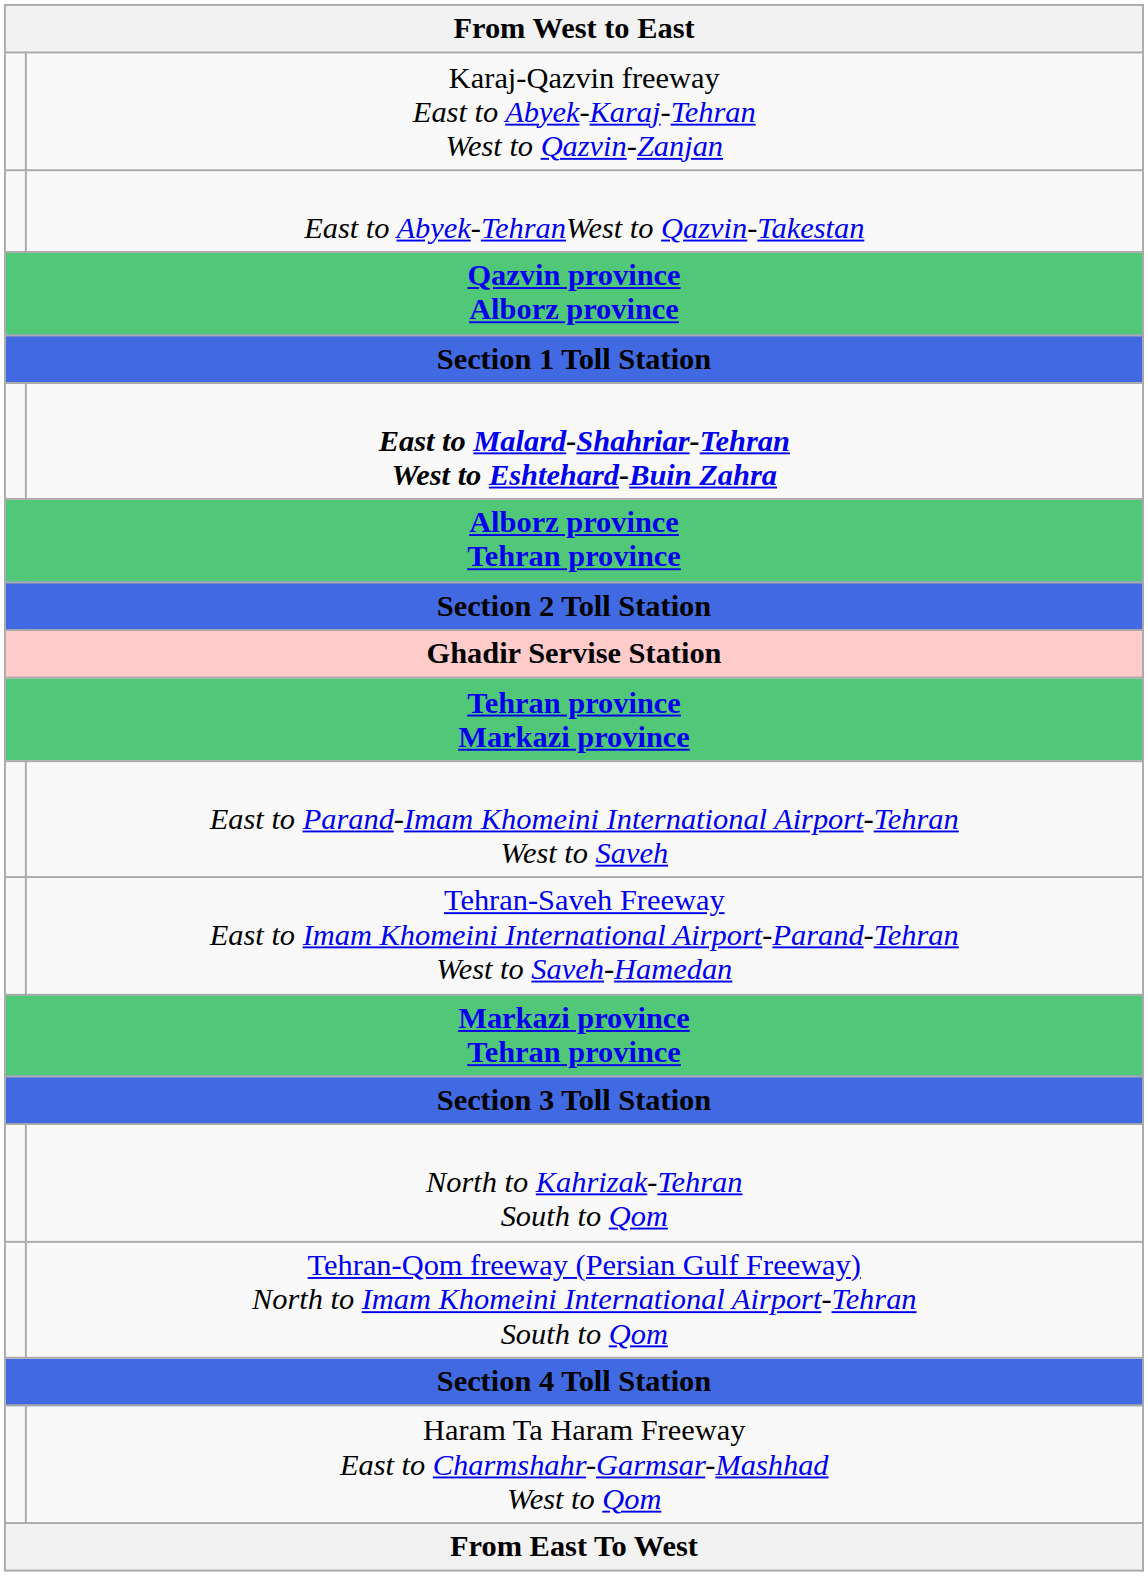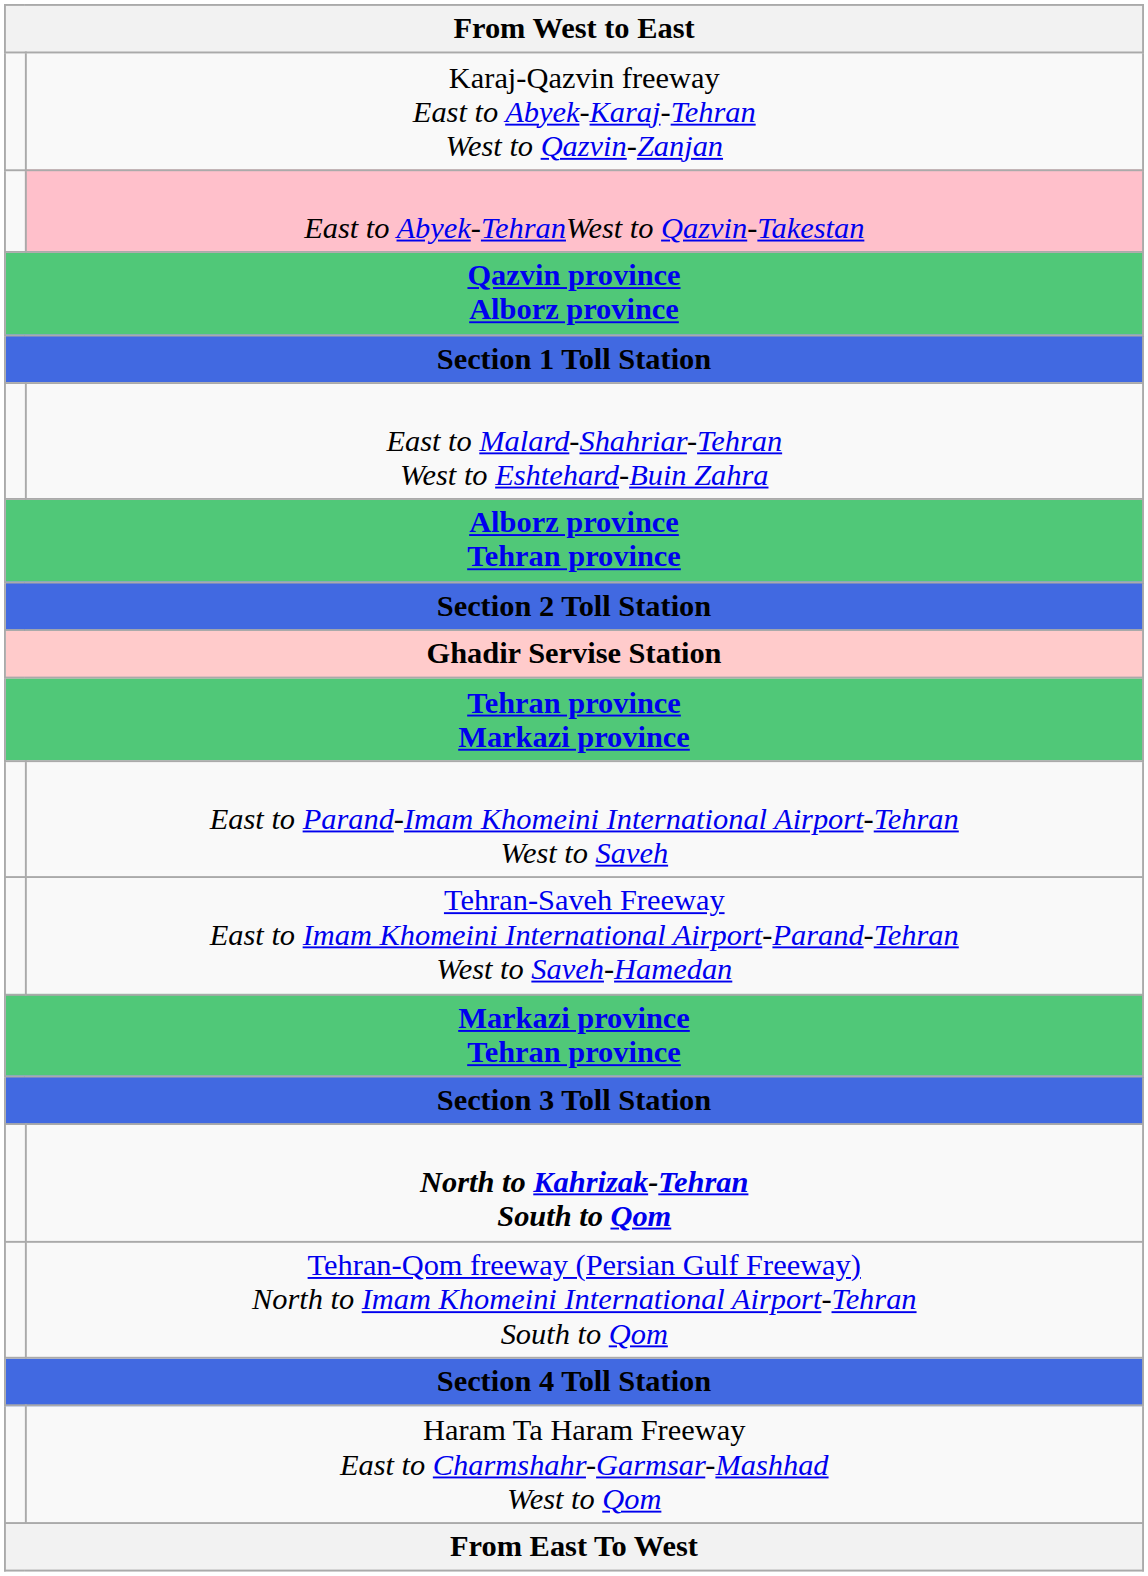 <table class="wikitable" style="text-align:center" width="600px">
 <tr>
 <th text-align="center" colspan="3"> From West to East </th>
 </tr>
 <tr>
 <td><br></td>
 <td> Karaj-Qazvin freeway<br><em>East to <a href='#'>Abyek</a>-<a href='#'>Karaj</a>-<a href='#'>Tehran</a></em><br><em>West to <a href='#'>Qazvin</a>-<a href='#'>Zanjan</a></em></td>
 </tr>
 <tr>
 <td></td>
-<td><br><em>East to <a href='#'>Abyek</a>-<a href='#'>Tehran</a></em><em>West to <a href='#'>Qazvin</a>-<a href='#'>Takestan</a></em></td>
+<td style="background: pink;"><br><em>East to <a href='#'>Abyek</a>-<a href='#'>Tehran</a></em><em>West to <a href='#'>Qazvin</a>-<a href='#'>Takestan</a></em></td>
 </tr>
 <tr>
 <td colspan="7" align="center" bgcolor="#50 C8 78"> <strong><a href='#'>Qazvin province</a></strong> <br> <strong><a href='#'>Alborz province</a></strong> </td>
 </tr>
 <tr align="center">
 <td colspan="7" align="center" bgcolor="#41 69 E1" color: #FFFFFF> <strong>Section 1 Toll Station</strong></td>
 </tr>
 <tr align="center">
 <td></td>
-<td><strong><br><em>East to <a href='#'>Malard</a>-<a href='#'>Shahriar</a>-<a href='#'>Tehran</a></em><br><em>West to <a href='#'>Eshtehard</a>-<a href='#'>Buin Zahra</a></em></strong></td>
+<td><br><em>East to <a href='#'>Malard</a>-<a href='#'>Shahriar</a>-<a href='#'>Tehran</a></em><br><em>West to <a href='#'>Eshtehard</a>-<a href='#'>Buin Zahra</a></em></td>
 </tr>
 <tr>
 <td colspan="7" align="center" bgcolor="#50 C8 78"> <strong><a href='#'>Alborz province</a></strong> <br> <strong><a href='#'>Tehran province</a></strong> </td>
 </tr>
 <tr>
 <td colspan="7" align="center" bgcolor="#41 69 E1" color: #FFFFFF> <strong>Section 2 Toll Station</strong></td>
 </tr>
 <tr>
 <td align="center" bgcolor="#FFCBCB" colspan="7"> <strong>Ghadir Servise Station</strong></td>
 </tr>
 <tr>
 <td colspan="7" align="center" bgcolor="#50 C8 78"> <strong><a href='#'>Tehran province</a></strong> <br> <strong><a href='#'>Markazi province</a></strong> </td>
 </tr>
 <tr>
 <td></td>
 <td><br><em>East to <a href='#'>Parand</a>-<a href='#'>Imam Khomeini International Airport</a>-<a href='#'>Tehran</a></em><br><em>West to <a href='#'>Saveh</a></em></td>
 </tr>
 <tr>
 <td></td>
 <td> <a href='#'>Tehran-Saveh Freeway</a><br><em>East to <a href='#'>Imam Khomeini International Airport</a>-<a href='#'>Parand</a>-<a href='#'>Tehran</a></em><br><em>West to <a href='#'>Saveh</a>-<a href='#'>Hamedan</a></em></td>
 </tr>
 <tr>
 <td colspan="7" align="center" bgcolor="#50 C8 78"> <strong><a href='#'>Markazi province</a></strong> <br> <strong><a href='#'>Tehran province</a></strong> </td>
 </tr>
 <tr>
 <td colspan="7" align="center" bgcolor="#41 69 E1" color: #FFFFFF> <strong>Section 3 Toll Station</strong></td>
 </tr>
 <tr>
 <td></td>
-<td><br><em>North to <a href='#'>Kahrizak</a>-<a href='#'>Tehran</a></em><br><em>South to <a href='#'>Qom</a></em></td>
+<td><strong><br><em>North to <a href='#'>Kahrizak</a>-<a href='#'>Tehran</a></em><br><em>South to <a href='#'>Qom</a></em></strong></td>
 </tr>
 <tr>
 <td></td>
 <td> <a href='#'>Tehran-Qom freeway (Persian Gulf Freeway)</a><br><em>North to <a href='#'>Imam Khomeini International Airport</a>-<a href='#'>Tehran</a></em><br><em>South to <a href='#'>Qom</a></em></td>
 </tr>
 <tr>
 <td colspan="7" align="center" bgcolor="#41 69 E1" color: #FFFFFF> <strong>Section 4 Toll Station</strong></td>
 </tr>
 <tr>
 <td><br></td>
 <td> Haram Ta Haram Freeway<br><em>East to <a href='#'>Charmshahr</a>-<a href='#'>Garmsar</a>-<a href='#'>Mashhad</a></em><br><em>West to <a href='#'>Qom</a></em></td>
 </tr>
 <tr>
 <th text-align="center" colspan="3"> From East To West </th>
 </tr>
 </table>
